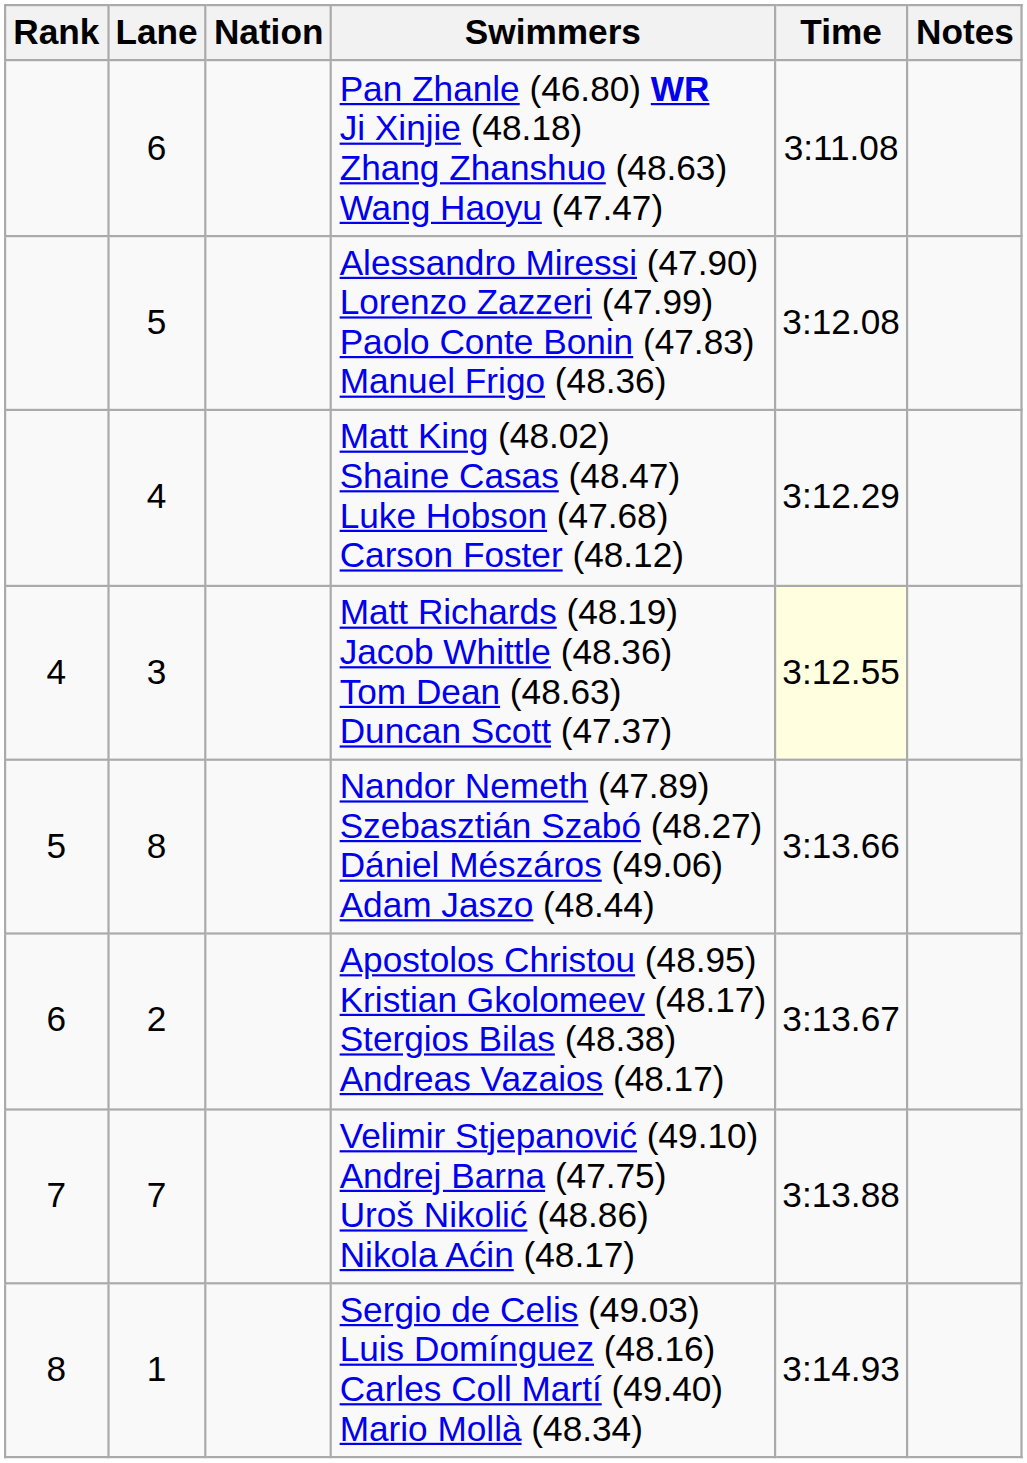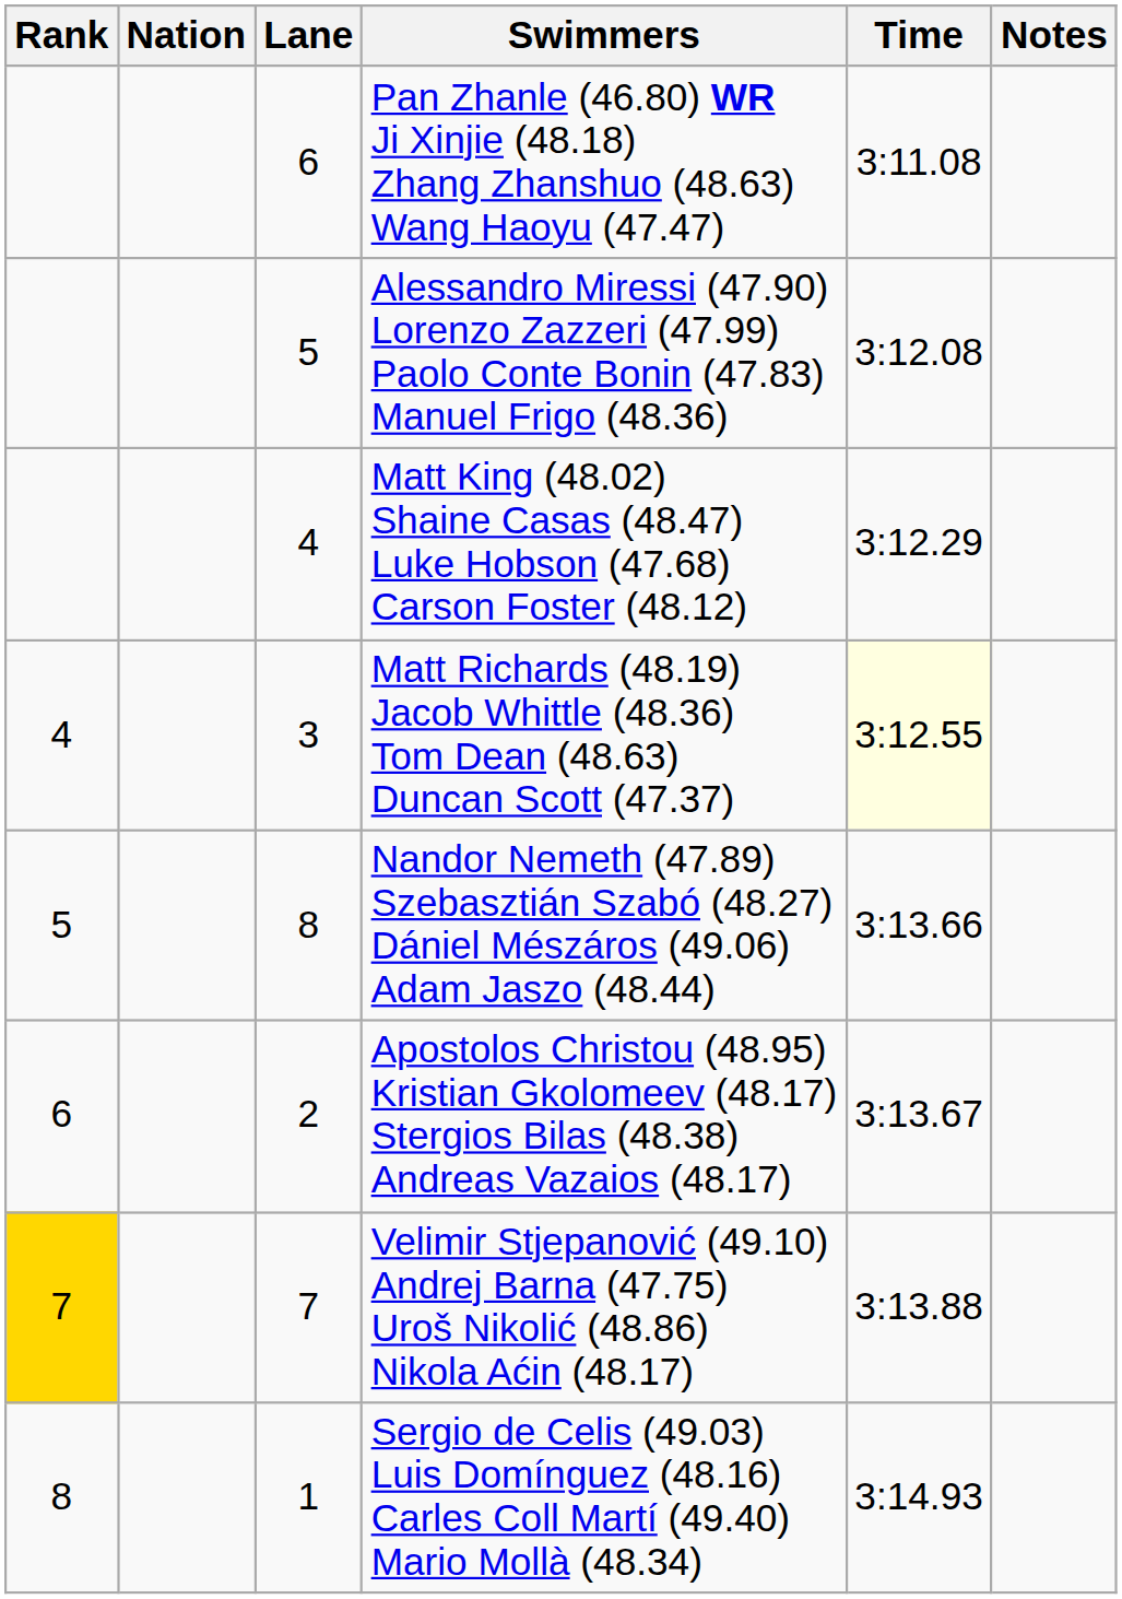 <table class="wikitable sortable" style="text-align:center">
 <tr>
 <th>Rank</th>
+<th>Nation</th>
 <th>Lane</th>
-<th>Nation</th>
 <th>Swimmers</th>
 <th>Time</th>
 <th>Notes</th>
 </tr>
 <tr>
 <td></td>
+<td align=left></td>
 <td>6</td>
-<td align=left></td>
 <td align=left><a href='#'>Pan Zhanle</a> (46.80) <strong><a href='#'>WR</a></strong><br><a href='#'>Ji Xinjie</a> (48.18)<br><a href='#'>Zhang Zhanshuo</a> (48.63) <br><a href='#'>Wang Haoyu</a> (47.47)</td>
 <td>3:11.08</td>
 <td></td>
 </tr>
 <tr>
 <td></td>
+<td align=left></td>
 <td>5</td>
-<td align=left></td>
 <td align=left><a href='#'>Alessandro Miressi</a> (47.90)<br><a href='#'>Lorenzo Zazzeri</a> (47.99)<br><a href='#'>Paolo Conte Bonin</a> (47.83)<br><a href='#'>Manuel Frigo</a> (48.36)</td>
 <td>3:12.08</td>
 <td></td>
 </tr>
 <tr>
 <td></td>
+<td align=left></td>
 <td>4</td>
-<td align=left></td>
 <td align=left><a href='#'>Matt King</a> (48.02)<br><a href='#'>Shaine Casas</a> (48.47)<br><a href='#'>Luke Hobson</a> (47.68)<br><a href='#'>Carson Foster</a> (48.12)</td>
 <td>3:12.29</td>
 <td></td>
 </tr>
 <tr>
 <td>4</td>
+<td align=left></td>
 <td>3</td>
-<td align=left></td>
 <td align=left><a href='#'>Matt Richards</a> (48.19)<br><a href='#'>Jacob Whittle</a> (48.36)<br><a href='#'>Tom Dean</a> (48.63)<br><a href='#'>Duncan Scott</a> (47.37)</td>
 <td style="background: lightyellow;">3:12.55</td>
 <td></td>
 </tr>
 <tr>
 <td>5</td>
+<td align=left></td>
 <td>8</td>
-<td align=left></td>
 <td align=left><a href='#'>Nandor Nemeth</a> (47.89)<br><a href='#'>Szebasztián Szabó</a> (48.27)<br><a href='#'>Dániel Mészáros</a> (49.06)<br><a href='#'>Adam Jaszo</a> (48.44)</td>
 <td>3:13.66</td>
 <td></td>
 </tr>
 <tr>
 <td>6</td>
+<td align=left></td>
 <td>2</td>
-<td align=left></td>
 <td align=left><a href='#'>Apostolos Christou</a> (48.95)<br><a href='#'>Kristian Gkolomeev</a> (48.17)<br><a href='#'>Stergios Bilas</a> (48.38)<br><a href='#'>Andreas Vazaios</a> (48.17)</td>
 <td>3:13.67</td>
 <td></td>
 </tr>
 <tr>
+<td style="background: gold;">7</td>
+<td align=left></td>
 <td>7</td>
-<td>7</td>
-<td align=left></td>
 <td align=left><a href='#'>Velimir Stjepanović</a> (49.10)<br><a href='#'>Andrej Barna</a> (47.75)<br><a href='#'>Uroš Nikolić</a> (48.86)<br><a href='#'>Nikola Aćin</a> (48.17)</td>
 <td>3:13.88</td>
 <td></td>
 </tr>
 <tr>
 <td>8</td>
+<td align=left></td>
 <td>1</td>
-<td align=left></td>
 <td align=left><a href='#'>Sergio de Celis</a> (49.03)<br><a href='#'>Luis Domínguez</a> (48.16)<br><a href='#'>Carles Coll Martí</a> (49.40)<br><a href='#'>Mario Mollà</a> (48.34)</td>
 <td>3:14.93</td>
 <td></td>
 </tr>
 </table>
